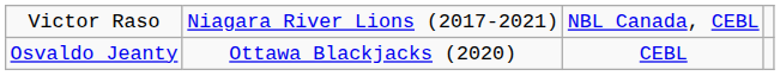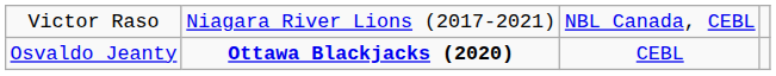 <table class="wikitable sortable">
 <tr align="center" bgcolor="">
 <td>Victor Raso</td>
 <td><a href='#'>Niagara River Lions</a> (2017-2021)</td>
 <td><a href='#'>NBL Canada</a>, <a href='#'>CEBL</a></td>
 <td></td>
 </tr>
 <tr align="center" bgcolor="">
 <td><a href='#'>Osvaldo Jeanty</a></td>
-<td><a href='#'>Ottawa Blackjacks</a> (2020)</td>
+<td><strong><a href='#'>Ottawa Blackjacks</a> (2020)</strong></td>
 <td><a href='#'>CEBL</a></td>
 <td></td>
 </tr>
 </table>
